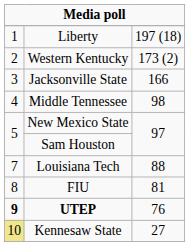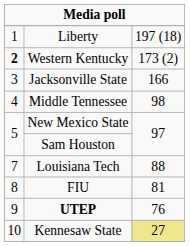 <table class="wikitable">
 <tr align="center">
 <td align="center" Colspan="3"><strong>Media poll</strong></td>
 </tr>
 <tr align="center">
 </tr>
 <tr align="center">
 <td>1</td>
 <td>Liberty</td>
 <td>197 (18)</td>
 </tr>
 <tr align="center">
-<td>2</td>
+<td><strong>2</strong></td>
 <td>Western Kentucky</td>
 <td>173 (2)</td>
 </tr>
 <tr align="center">
 <td>3</td>
 <td>Jacksonville State</td>
 <td>166</td>
 </tr>
 <tr align="center">
 <td>4</td>
 <td>Middle Tennessee</td>
 <td>98</td>
 </tr>
 <tr align="center">
 <td rowspan="2">5</td>
 <td>New Mexico State</td>
 <td rowspan="2">97</td>
 </tr>
 <tr align="center">
 <td>Sam Houston</td>
 </tr>
 <tr align="center">
 <td>7</td>
 <td>Louisiana Tech</td>
 <td>88</td>
 </tr>
 <tr align="center">
 <td>8</td>
 <td>FIU</td>
 <td>81</td>
 </tr>
 <tr align="center">
-<td><strong>9</strong></td>
+<td>9</td>
 <td><strong>UTEP</strong></td>
 <td>76</td>
 </tr>
 <tr align="center">
-<td style="background: khaki;">10</td>
+<td>10</td>
 <td>Kennesaw State</td>
-<td>27</td>
+<td style="background: khaki;">27</td>
 </tr>
 </table>
